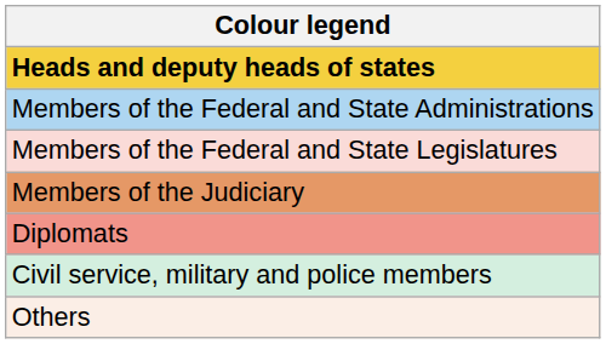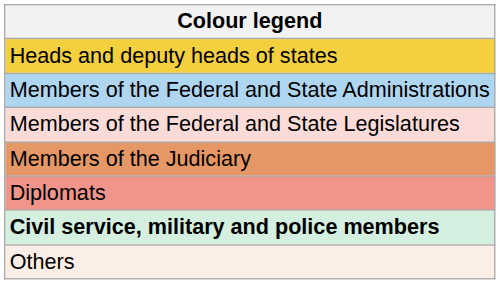 <table class="wikitable">
 <tr>
 <th>Colour legend</th>
 </tr>
 <tr>
-<td style="background:#F4D03F;"><strong>Heads and deputy heads of states</strong></td>
+<td style="background:#F4D03F;">Heads and deputy heads of states</td>
 </tr>
 <tr>
 <td style="background:#AED6F1;">Members of the Federal and State Administrations</td>
 </tr>
 <tr>
 <td style="background:#FADBD8;">Members of the Federal and State Legislatures</td>
 </tr>
 <tr>
 <td style="background:#E59866;">Members of the Judiciary</td>
 </tr>
 <tr>
 <td style="background:#F1948A;">Diplomats</td>
 </tr>
 <tr>
-<td style="background:#D4EFDF;">Civil service, military and police members</td>
+<td style="background:#D4EFDF;"><strong>Civil service, military and police members</strong></td>
 </tr>
 <tr>
 <td style="background:#FBEEE6;">Others</td>
 </tr>
 </table>
